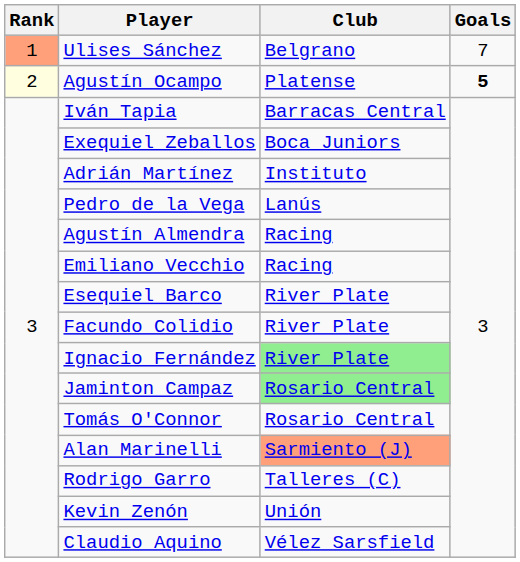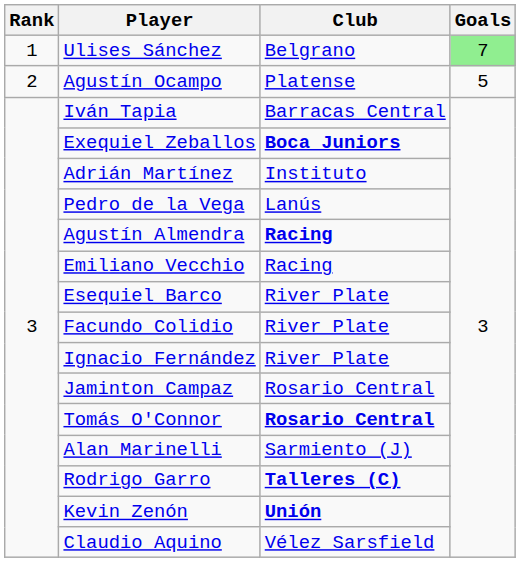 <table class="wikitable" border="1">
 <tr>
 <th>Rank</th>
 <th>Player</th>
 <th>Club</th>
 <th>Goals</th>
 </tr>
 <tr>
-<td align=center style="background: lightsalmon;">1</td>
+<td align=center>1</td>
 <td> <a href='#'>Ulises Sánchez</a></td>
 <td><a href='#'>Belgrano</a></td>
-<td align=center>7</td>
+<td align=center style="background: lightgreen;">7</td>
 </tr>
 <tr>
-<td align=center style="background: lightyellow;">2</td>
+<td align=center>2</td>
 <td> <a href='#'>Agustín Ocampo</a></td>
 <td><a href='#'>Platense</a></td>
-<td align=center><strong>5</strong></td>
+<td align=center>5</td>
 </tr>
 <tr>
 <td align=center rowspan=15>3</td>
 <td> <a href='#'>Iván Tapia</a></td>
 <td><a href='#'>Barracas Central</a></td>
 <td align=center rowspan=15>3</td>
 </tr>
 <tr>
 <td> <a href='#'>Exequiel Zeballos</a></td>
-<td><a href='#'>Boca Juniors</a></td>
+<td><strong><a href='#'>Boca Juniors</a></strong></td>
 </tr>
 <tr>
 <td> <a href='#'>Adrián Martínez</a></td>
 <td><a href='#'>Instituto</a></td>
 </tr>
 <tr>
 <td> <a href='#'>Pedro de la Vega</a></td>
 <td><a href='#'>Lanús</a></td>
 </tr>
 <tr>
 <td> <a href='#'>Agustín Almendra</a></td>
-<td><a href='#'>Racing</a></td>
+<td><strong><a href='#'>Racing</a></strong></td>
 </tr>
 <tr>
 <td> <a href='#'>Emiliano Vecchio</a></td>
 <td><a href='#'>Racing</a></td>
 </tr>
 <tr>
 <td> <a href='#'>Esequiel Barco</a></td>
 <td><a href='#'>River Plate</a></td>
 </tr>
 <tr>
 <td> <a href='#'>Facundo Colidio</a></td>
 <td><a href='#'>River Plate</a></td>
 </tr>
 <tr>
 <td> <a href='#'>Ignacio Fernández</a></td>
-<td style="background: lightgreen;"><a href='#'>River Plate</a></td>
+<td><a href='#'>River Plate</a></td>
 </tr>
 <tr>
 <td> <a href='#'>Jaminton Campaz</a></td>
-<td style="background: lightgreen;"><a href='#'>Rosario Central</a></td>
+<td><a href='#'>Rosario Central</a></td>
 </tr>
 <tr>
 <td> <a href='#'>Tomás O'Connor</a></td>
-<td><a href='#'>Rosario Central</a></td>
+<td><strong><a href='#'>Rosario Central</a></strong></td>
 </tr>
 <tr>
 <td> <a href='#'>Alan Marinelli</a></td>
-<td style="background: lightsalmon;"><a href='#'>Sarmiento (J)</a></td>
+<td><a href='#'>Sarmiento (J)</a></td>
 </tr>
 <tr>
 <td> <a href='#'>Rodrigo Garro</a></td>
-<td><a href='#'>Talleres (C)</a></td>
+<td><strong><a href='#'>Talleres (C)</a></strong></td>
 </tr>
 <tr>
 <td> <a href='#'>Kevin Zenón</a></td>
-<td><a href='#'>Unión</a></td>
+<td><strong><a href='#'>Unión</a></strong></td>
 </tr>
 <tr>
 <td> <a href='#'>Claudio Aquino</a></td>
 <td><a href='#'>Vélez Sarsfield</a></td>
 </tr>
 </table>
